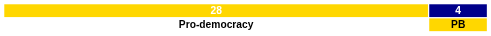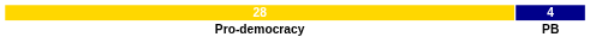 <table style="width:60%; text-align:center;">
 <tr style="color:white;">
 <td style="background:gold; width:88%;"><strong>28</strong></td>
 <td style="background:darkblue; width:12%;"><strong>4</strong></td>
 </tr>
 <tr>
 <td><span><strong>Pro-democracy</strong></span></td>
-<td style="background: gold;"><span><strong>PB</strong></span></td>
+<td><span><strong>PB</strong></span></td>
 </tr>
 </table>
